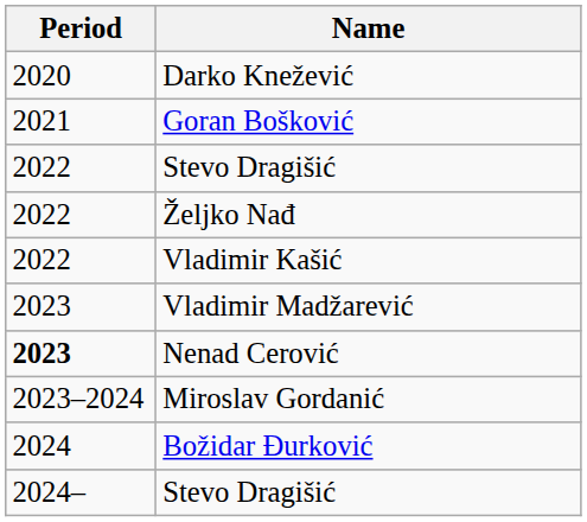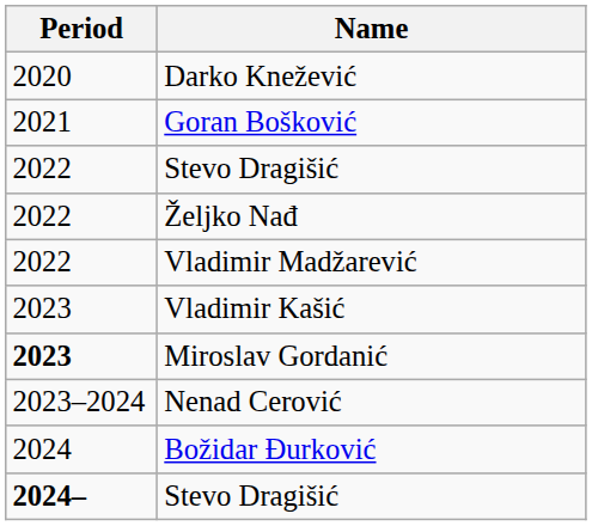 <table class="wikitable">
 <tr>
 <th width="75">Period</th>
 <th width="225">Name</th>
 </tr>
 <tr>
 <td>2020</td>
 <td> Darko Knežević</td>
 </tr>
 <tr>
 <td>2021</td>
 <td> <a href='#'>Goran Bošković</a></td>
 </tr>
 <tr>
 <td>2022</td>
 <td> Stevo Dragišić</td>
 </tr>
 <tr>
 <td>2022</td>
 <td> Željko Nađ</td>
 </tr>
 <tr>
 <td>2022</td>
+<td> Vladimir Madžarević</td>
+</tr>
+<tr>
+<td>2023</td>
 <td> Vladimir Kašić</td>
 </tr>
 <tr>
-<td>2023</td>
-<td> Vladimir Madžarević</td>
-</tr>
-<tr>
 <td><strong>2023</strong></td>
-<td> Nenad Cerović</td>
+<td> Miroslav Gordanić</td>
 </tr>
 <tr>
 <td>2023–2024</td>
-<td> Miroslav Gordanić</td>
+<td> Nenad Cerović</td>
 </tr>
 <tr>
 <td>2024</td>
 <td> <a href='#'>Božidar Đurković</a></td>
 </tr>
 <tr>
-<td>2024–</td>
+<td><strong>2024–</strong></td>
 <td> Stevo Dragišić</td>
 </tr>
 </table>
